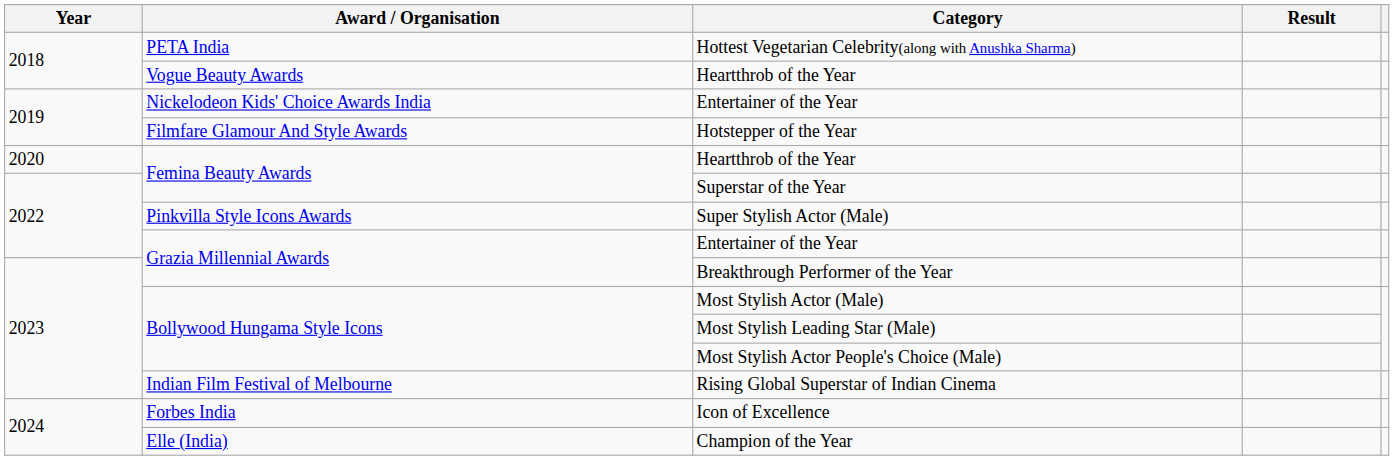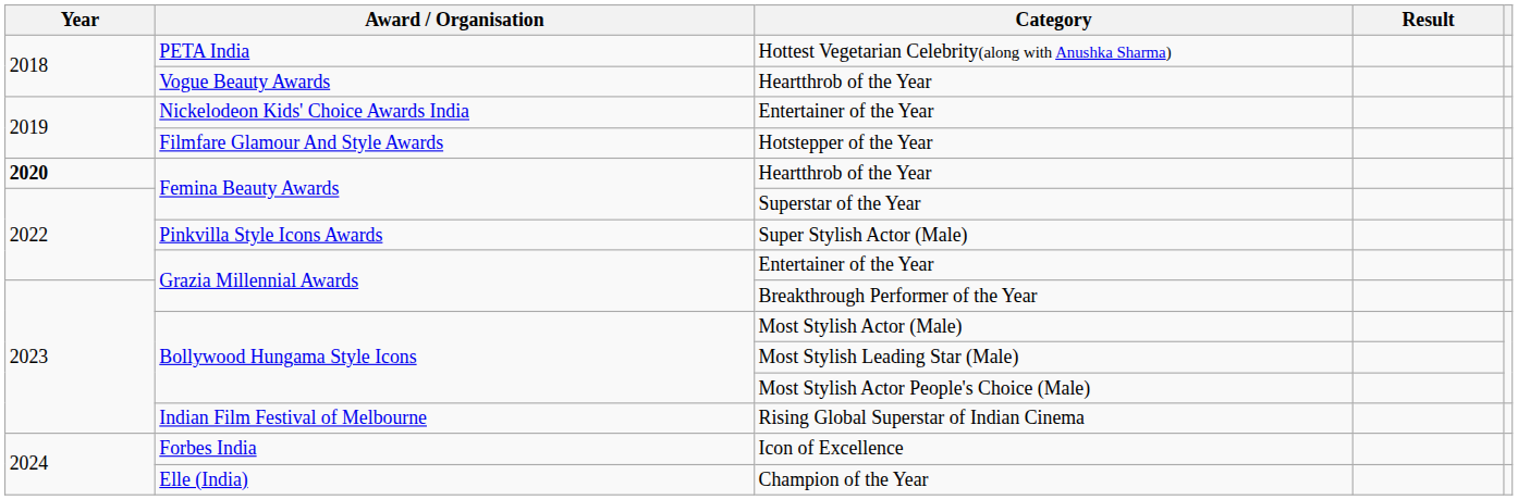 <table class="wikitable">
 <tr>
 <th style="width:10%;">Year</th>
 <th style="width:40%;">Award / Organisation</th>
 <th style="width:40%;">Category</th>
 <th style="width:15%;">Result</th>
 <th style="width:10%;"></th>
 </tr>
 <tr>
 <td rowspan="2">2018</td>
 <td><a href='#'>PETA India</a></td>
 <td>Hottest Vegetarian Celebrity<small>(along with <a href='#'>Anushka Sharma</a>)</small></td>
 <td></td>
 <td style="text-align:center;"></td>
 </tr>
 <tr>
 <td><a href='#'>Vogue Beauty Awards</a></td>
 <td>Heartthrob of the Year</td>
 <td></td>
 <td></td>
 </tr>
 <tr>
 <td rowspan="2">2019</td>
 <td><a href='#'>Nickelodeon Kids' Choice Awards India</a></td>
 <td>Entertainer of the Year</td>
 <td></td>
 <td style="text-align:center;"></td>
 </tr>
 <tr>
 <td><a href='#'>Filmfare Glamour And Style Awards</a></td>
 <td>Hotstepper of the Year</td>
 <td></td>
 <td></td>
 </tr>
 <tr>
-<td>2020</td>
+<td><strong>2020</strong></td>
 <td rowspan="2"><a href='#'>Femina Beauty Awards</a></td>
 <td>Heartthrob of the Year</td>
 <td></td>
 <td></td>
 </tr>
 <tr>
 <td rowspan="3">2022</td>
 <td>Superstar of the Year</td>
 <td></td>
 <td></td>
 </tr>
 <tr>
 <td><a href='#'>Pinkvilla Style Icons Awards</a></td>
 <td>Super Stylish Actor (Male)</td>
 <td></td>
 <td></td>
 </tr>
 <tr>
 <td rowspan="2"><a href='#'>Grazia Millennial Awards</a></td>
 <td>Entertainer of the Year</td>
 <td></td>
 <td></td>
 </tr>
 <tr>
 <td rowspan="5">2023</td>
 <td>Breakthrough Performer of the Year</td>
 <td></td>
 <td></td>
 </tr>
 <tr>
 <td rowspan="3"><a href='#'>Bollywood Hungama Style Icons</a></td>
 <td>Most Stylish Actor (Male)</td>
 <td></td>
 <td rowspan="3"></td>
 </tr>
 <tr>
 <td>Most Stylish Leading Star (Male)</td>
 <td></td>
 </tr>
 <tr>
 <td>Most Stylish Actor People's Choice (Male)</td>
 <td></td>
 </tr>
 <tr>
 <td><a href='#'>Indian Film Festival of Melbourne</a></td>
 <td>Rising Global Superstar of Indian Cinema</td>
 <td></td>
 <td></td>
 </tr>
 <tr>
 <td rowspan="2">2024</td>
 <td><a href='#'>Forbes India</a></td>
 <td>Icon of Excellence</td>
 <td></td>
 <td></td>
 </tr>
 <tr>
 <td><a href='#'>Elle (India)</a></td>
 <td>Champion of the Year</td>
 <td></td>
 <td></td>
 </tr>
 </table>
